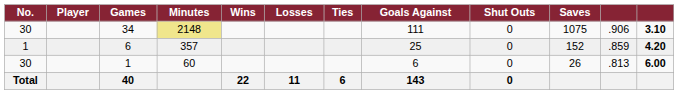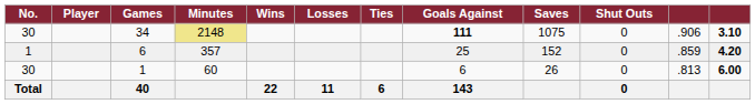 <table class="wikitable sortable" width ="1000">
 <tr align="center">
 <th style="color:white; background:#862334; ">No.</th>
 <th style="color:white; background:#862334; ">Player</th>
 <th style="color:white; background:#862334; ">Games</th>
 <th style="color:white; background:#862334; ">Minutes</th>
 <th style="color:white; background:#862334; ">Wins</th>
 <th style="color:white; background:#862334; ">Losses</th>
 <th style="color:white; background:#862334; ">Ties</th>
 <th style="color:white; background:#862334; ">Goals Against</th>
+<th style="color:white; background:#862334; ">Saves</th>
 <th style="color:white; background:#862334; ">Shut Outs</th>
-<th style="color:white; background:#862334; ">Saves</th>
 <th style="color:white; background:#862334; "><a href='#'></a></th>
 <th style="color:white; background:#862334; "><a href='#'></a></th>
 </tr>
 <tr align="center">
 <td>30</td>
 <td></td>
 <td>34</td>
 <td style="background: khaki;">2148</td>
 <td></td>
 <td></td>
 <td></td>
-<td>111</td>
+<td><strong>111</strong></td>
+<td>1075</td>
 <td>0</td>
-<td>1075</td>
 <td>.906</td>
 <td><strong>3.10</strong></td>
 </tr>
 <tr align="center" bgcolor="#f0f0f0">
 <td>1</td>
 <td></td>
 <td>6</td>
 <td>357</td>
 <td></td>
 <td></td>
 <td></td>
 <td>25</td>
+<td>152</td>
 <td>0</td>
-<td>152</td>
 <td>.859</td>
 <td><strong>4.20</strong></td>
 </tr>
 <tr align="center">
 <td>30</td>
 <td></td>
 <td>1</td>
 <td>60</td>
 <td></td>
 <td></td>
 <td></td>
 <td>6</td>
+<td>26</td>
 <td>0</td>
-<td>26</td>
 <td>.813</td>
 <td><strong>6.00</strong></td>
 </tr>
 <tr>
 <th>Total</th>
 <th></th>
 <th>40</th>
 <th></th>
 <th>22</th>
 <th>11</th>
 <th>6</th>
 <th>143</th>
+<th></th>
 <th>0</th>
-<th></th>
 <th></th>
 <th></th>
 </tr>
 </table>
